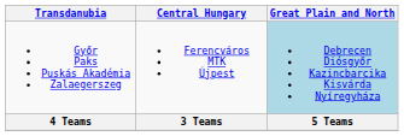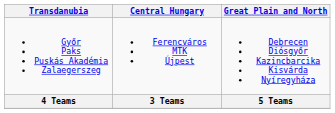 <table class="wikitable" style="clear:right;white-space:nowrap;">
 <tr>
 <th width="33%"><a href='#'>Transdanubia</a></th>
 <th width="33%"><a href='#'>Central Hungary</a></th>
 <th width="33%"><a href='#'>Great Plain and North</a></th>
 </tr>
 <tr align="center" valign="top">
 <td><br><ul><li><a href='#'>Győr</a></li><li><a href='#'>Paks</a></li><li><a href='#'>Puskás Akadémia</a></li><li><a href='#'>Zalaegerszeg</a></li></ul></td>
 <td><br><ul><li><a href='#'>Ferencváros</a></li><li><a href='#'>MTK</a></li><li><a href='#'>Újpest</a></li></ul></td>
-<td style="background: lightblue;"><br><ul><li><a href='#'>Debrecen</a></li><li><a href='#'>Diósgyőr</a></li><li><a href='#'>Kazincbarcika</a></li><li><a href='#'>Kisvárda</a></li><li><a href='#'>Nyíregyháza</a></li></ul></td>
+<td><br><ul><li><a href='#'>Debrecen</a></li><li><a href='#'>Diósgyőr</a></li><li><a href='#'>Kazincbarcika</a></li><li><a href='#'>Kisvárda</a></li><li><a href='#'>Nyíregyháza</a></li></ul></td>
 </tr>
 <tr>
 <th>4 Teams</th>
 <th>3 Teams</th>
 <th>5 Teams</th>
 </tr>
 <tr>
 </tr>
 </table>
